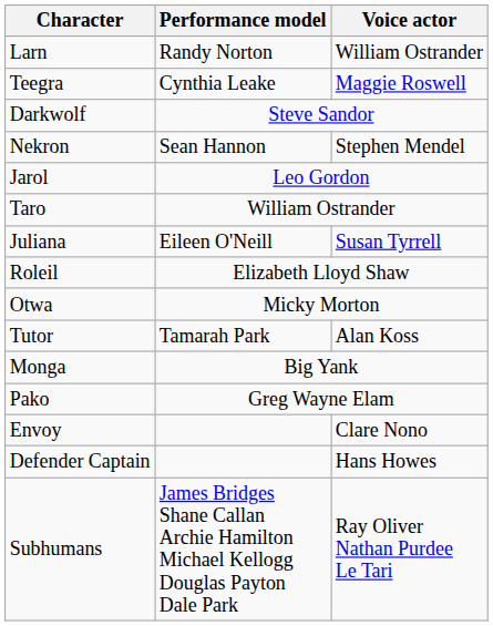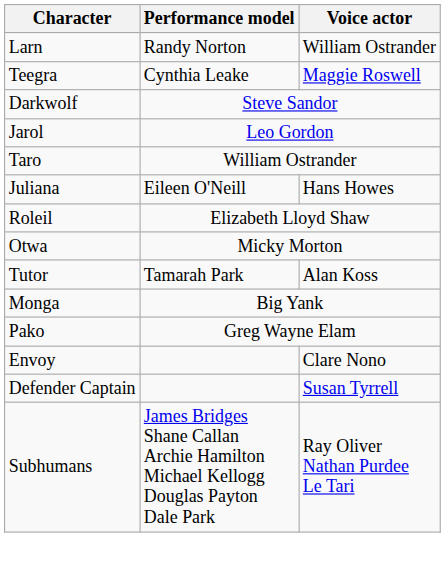 <table class="wikitable">
 <tr>
 <th>Character</th>
 <th>Performance model</th>
 <th>Voice actor</th>
 </tr>
 <tr>
 <td>Larn</td>
 <td>Randy Norton</td>
 <td>William Ostrander</td>
 </tr>
 <tr>
 <td>Teegra</td>
 <td>Cynthia Leake</td>
 <td><a href='#'>Maggie Roswell</a></td>
 </tr>
 <tr>
 <td>Darkwolf</td>
 <td colspan="2" style="text-align: center"><a href='#'>Steve Sandor</a></td>
 </tr>
 <tr>
-<td>Nekron</td>
-<td>Sean Hannon</td>
-<td>Stephen Mendel</td>
-</tr>
-<tr>
 <td>Jarol</td>
 <td colspan="2" style="text-align: center"><a href='#'>Leo Gordon</a></td>
 </tr>
 <tr>
 <td>Taro</td>
 <td colspan="2" style="text-align: center">William Ostrander</td>
 </tr>
 <tr>
 <td>Juliana</td>
 <td>Eileen O'Neill</td>
-<td><a href='#'>Susan Tyrrell</a></td>
+<td>Hans Howes</td>
 </tr>
 <tr>
 <td>Roleil</td>
 <td colspan="2" style="text-align: center">Elizabeth Lloyd Shaw</td>
 </tr>
 <tr>
 <td>Otwa</td>
 <td colspan="2" style="text-align: center">Micky Morton</td>
 </tr>
 <tr>
 <td>Tutor</td>
 <td>Tamarah Park</td>
 <td>Alan Koss</td>
 </tr>
 <tr>
 <td>Monga</td>
 <td colspan="2" style="text-align: center">Big Yank</td>
 </tr>
 <tr>
 <td>Pako</td>
 <td colspan="2" style="text-align: center">Greg Wayne Elam</td>
 </tr>
 <tr>
 <td>Envoy</td>
 <td></td>
 <td>Clare Nono</td>
 </tr>
 <tr>
 <td>Defender Captain</td>
 <td></td>
-<td>Hans Howes</td>
+<td><a href='#'>Susan Tyrrell</a></td>
 </tr>
 <tr>
 <td>Subhumans</td>
 <td><a href='#'>James Bridges</a><br>Shane Callan<br>Archie Hamilton<br>Michael Kellogg<br>Douglas Payton<br>Dale Park</td>
 <td>Ray Oliver<br><a href='#'>Nathan Purdee</a><br><a href='#'>Le Tari</a></td>
 </tr>
 </table>
